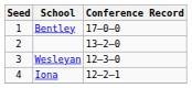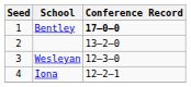 <table class="wikitable">
 <tr>
 <th>Seed</th>
 <th>School</th>
 <th>Conference Record</th>
 </tr>
 <tr>
 <td align=center>1</td>
 <td><a href='#'>Bentley</a></td>
-<td>17–0–0</td>
+<td><strong>17–0–0</strong></td>
 </tr>
 <tr>
 <td align=center>2</td>
 <td><a href='#'></a></td>
 <td>13–2–0</td>
 </tr>
 <tr>
 <td align=center>3</td>
 <td><a href='#'>Wesleyan</a></td>
 <td>12–3–0</td>
 </tr>
 <tr>
 <td align=center>4</td>
 <td><a href='#'>Iona</a></td>
 <td>12–2–1</td>
 </tr>
 <tr>
 </tr>
 </table>
